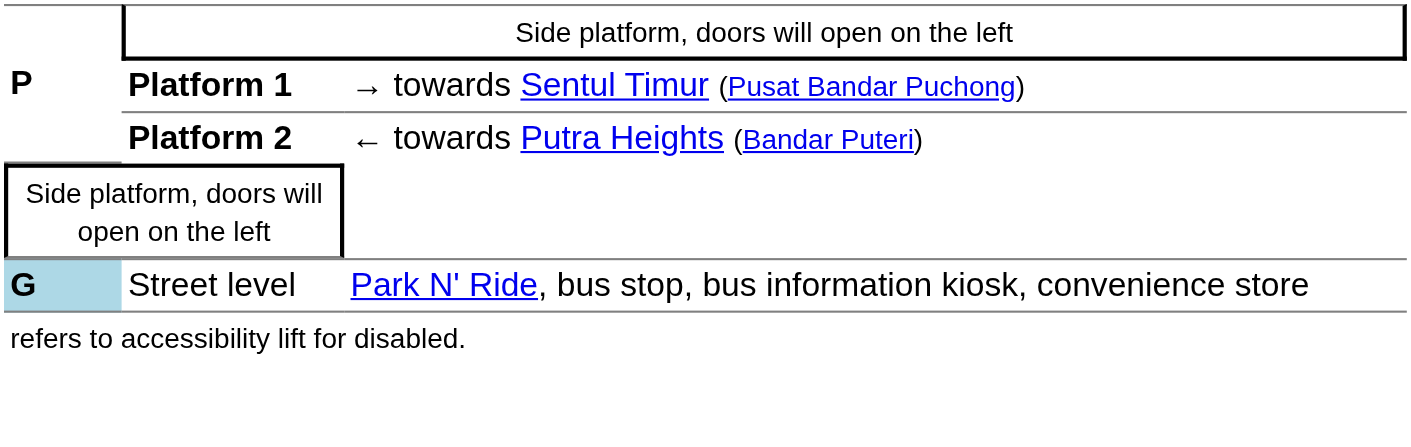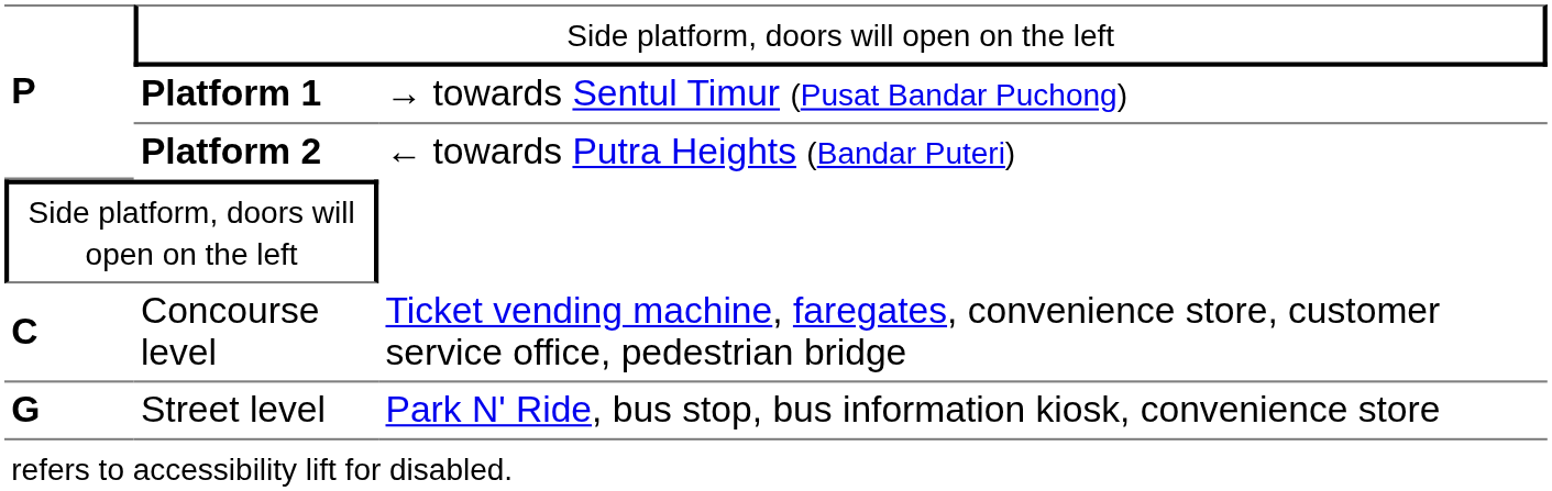 <table border="0" cellspacing="0" cellpadding="3" table>
 <tr>
 <td rowspan="4" style="border-top:solid 1px grey;border-bottom:solid 1px grey;"><strong>P</strong></td>
 <td colspan="2" style="border-top:solid 1px grey; border-right:solid 2px black; border-left:solid 2px black; border-bottom:solid 2px black; text-align:center;"><small>Side platform, doors will open on the left </small></td>
 </tr>
 <tr>
 <td style="border-bottom:solid 1px gray;color:#"><strong>Platform 1</strong></td>
 <td style="border-bottom:solid 1px grey;"><strong>→</strong>     towards <a href='#'>Sentul Timur</a> <small>(<a href='#'>Pusat Bandar Puchong</a>)</small></td>
 </tr>
 <tr>
 <td style="color:#"><strong>Platform 2</strong></td>
 <td><strong>←</strong>    towards <a href='#'>Putra Heights</a> <small>(<a href='#'>Bandar Puteri</a>)</small></td>
 </tr>
 <tr>
 </tr>
 <tr>
 </tr>
 <tr>
 <td colspan="2" style="border-top:solid 2px black; border-right:solid 2px black; border-left:solid 2px black; border-bottom:solid 1px grey; text-align:center;"><small>Side platform, doors will open on the left </small></td>
 </tr>
 <tr>
-<td style="background: lightblue; width:50px; border-top:solid 1px gray; border-bottom:solid 1px gray; vertical-align:top;"><strong>G</strong></td>
+<td><strong>C</strong></td>
+<td>Concourse level</td>
+<td><a href='#'>Ticket vending machine</a>,  <a href='#'>faregates</a>, convenience store, customer service office, pedestrian bridge </td>
+</tr>
+<tr>
+<td style="width:50px; border-top:solid 1px gray; border-bottom:solid 1px gray; vertical-align:top;"><strong>G</strong></td>
 <td style="width:100px; border-top:solid 1px gray;border-bottom:solid 1px gray; vertical-align:top;">Street level</td>
 <td style="width:500px; border-top:solid 1px gray;border-bottom:solid 1px gray; vertical-align:top;"><a href='#'>Park N' Ride</a>, bus stop, bus information kiosk, convenience store </td>
 </tr>
 <tr>
 <td colspan="3"><small> refers to accessibility lift for disabled.</small></td>
 </tr>
 </table>
